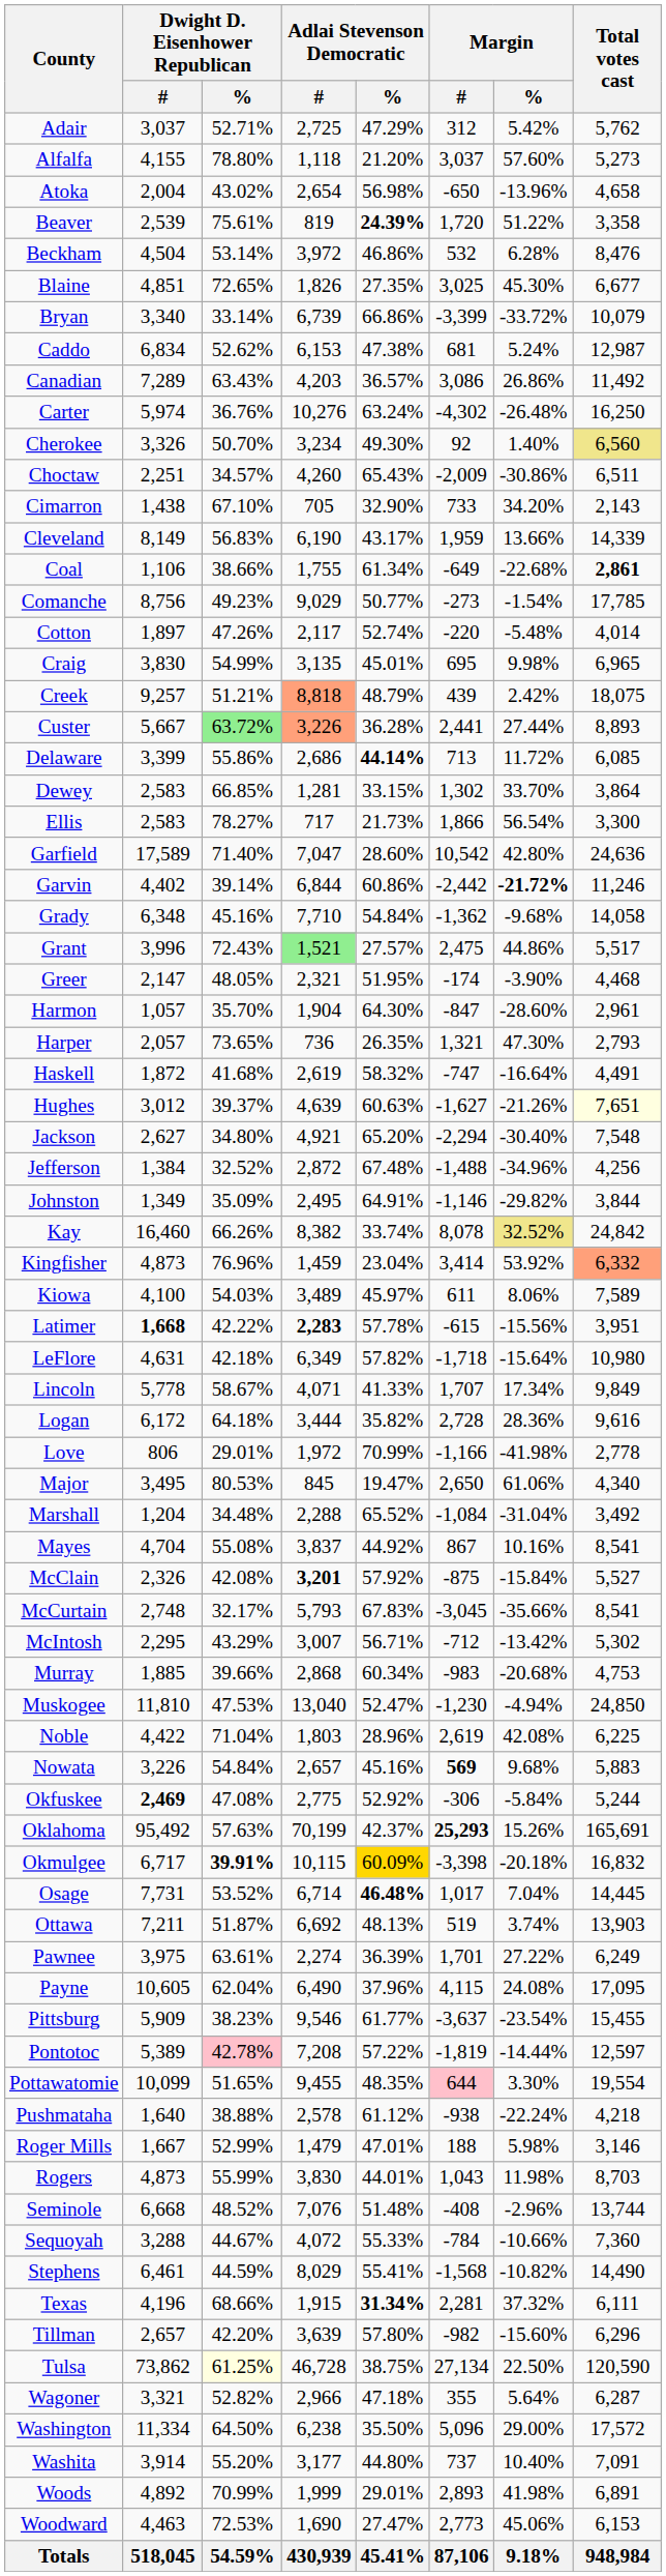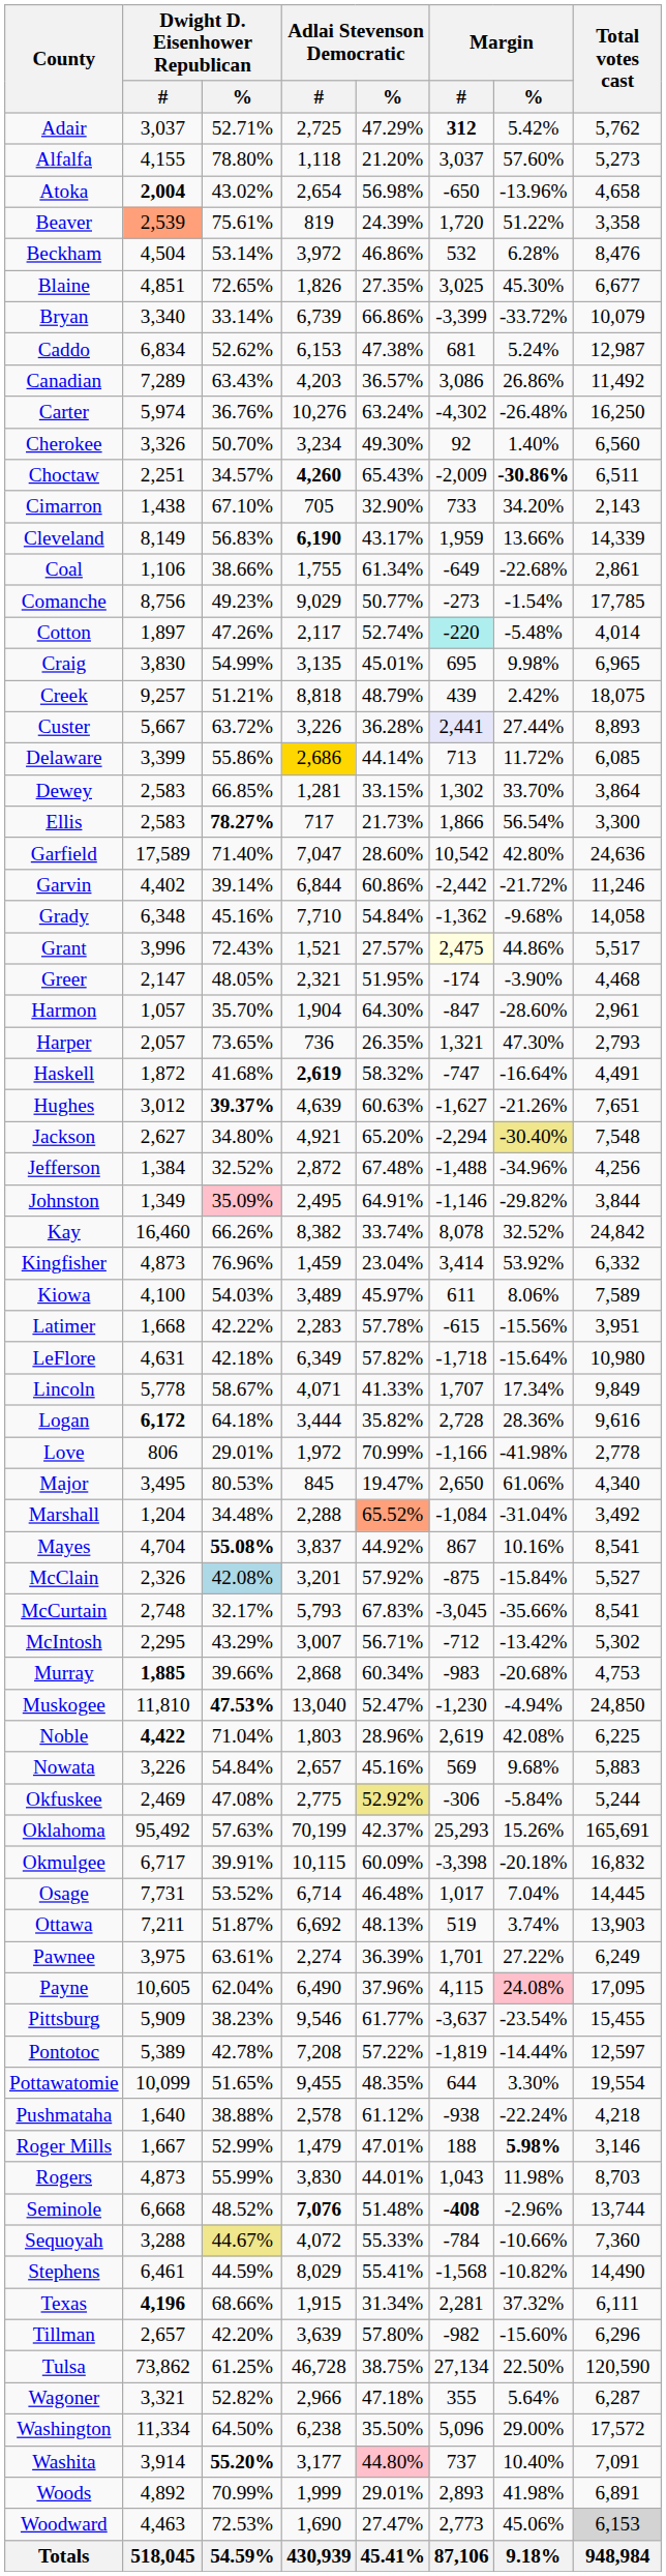 <table width="60%" class="wikitable sortable" style="text-align:center">
 <tr>
 <th style="text-align:center;" rowspan="2">County</th>
 <th style="text-align:center;" colspan="2">Dwight D. Eisenhower<br>Republican</th>
 <th style="text-align:center;" colspan="2">Adlai Stevenson<br>Democratic</th>
 <th style="text-align:center;" colspan="2">Margin</th>
 <th style="text-align:center;" rowspan="2">Total votes cast</th>
 </tr>
 <tr>
 <th style="text-align:center;" data-sort-type="number">#</th>
 <th style="text-align:center;" data-sort-type="number">%</th>
 <th style="text-align:center;" data-sort-type="number">#</th>
 <th style="text-align:center;" data-sort-type="number">%</th>
 <th style="text-align:center;" data-sort-type="number">#</th>
 <th style="text-align:center;" data-sort-type="number">%</th>
 </tr>
 <tr style="text-align:center;">
 <td><a href='#'>Adair</a></td>
 <td>3,037</td>
 <td>52.71%</td>
 <td>2,725</td>
 <td>47.29%</td>
-<td>312</td>
+<td><strong>312</strong></td>
 <td>5.42%</td>
 <td>5,762</td>
 </tr>
 <tr style="text-align:center;">
 <td><a href='#'>Alfalfa</a></td>
 <td>4,155</td>
 <td>78.80%</td>
 <td>1,118</td>
 <td>21.20%</td>
 <td>3,037</td>
 <td>57.60%</td>
 <td>5,273</td>
 </tr>
 <tr style="text-align:center;">
 <td><a href='#'>Atoka</a></td>
-<td>2,004</td>
+<td><strong>2,004</strong></td>
 <td>43.02%</td>
 <td>2,654</td>
 <td>56.98%</td>
 <td>-650</td>
 <td>-13.96%</td>
 <td>4,658</td>
 </tr>
 <tr style="text-align:center;">
 <td><a href='#'>Beaver</a></td>
-<td>2,539</td>
+<td style="background: lightsalmon;">2,539</td>
 <td>75.61%</td>
 <td>819</td>
-<td><strong>24.39%</strong></td>
+<td>24.39%</td>
 <td>1,720</td>
 <td>51.22%</td>
 <td>3,358</td>
 </tr>
 <tr style="text-align:center;">
 <td><a href='#'>Beckham</a></td>
 <td>4,504</td>
 <td>53.14%</td>
 <td>3,972</td>
 <td>46.86%</td>
 <td>532</td>
 <td>6.28%</td>
 <td>8,476</td>
 </tr>
 <tr style="text-align:center;">
 <td><a href='#'>Blaine</a></td>
 <td>4,851</td>
 <td>72.65%</td>
 <td>1,826</td>
 <td>27.35%</td>
 <td>3,025</td>
 <td>45.30%</td>
 <td>6,677</td>
 </tr>
 <tr style="text-align:center;">
 <td><a href='#'>Bryan</a></td>
 <td>3,340</td>
 <td>33.14%</td>
 <td>6,739</td>
 <td>66.86%</td>
 <td>-3,399</td>
 <td>-33.72%</td>
 <td>10,079</td>
 </tr>
 <tr style="text-align:center;">
 <td><a href='#'>Caddo</a></td>
 <td>6,834</td>
 <td>52.62%</td>
 <td>6,153</td>
 <td>47.38%</td>
 <td>681</td>
 <td>5.24%</td>
 <td>12,987</td>
 </tr>
 <tr style="text-align:center;">
 <td><a href='#'>Canadian</a></td>
 <td>7,289</td>
 <td>63.43%</td>
 <td>4,203</td>
 <td>36.57%</td>
 <td>3,086</td>
 <td>26.86%</td>
 <td>11,492</td>
 </tr>
 <tr style="text-align:center;">
 <td><a href='#'>Carter</a></td>
 <td>5,974</td>
 <td>36.76%</td>
 <td>10,276</td>
 <td>63.24%</td>
 <td>-4,302</td>
 <td>-26.48%</td>
 <td>16,250</td>
 </tr>
 <tr style="text-align:center;">
 <td><a href='#'>Cherokee</a></td>
 <td>3,326</td>
 <td>50.70%</td>
 <td>3,234</td>
 <td>49.30%</td>
 <td>92</td>
 <td>1.40%</td>
-<td style="background: khaki;">6,560</td>
+<td>6,560</td>
 </tr>
 <tr style="text-align:center;">
 <td><a href='#'>Choctaw</a></td>
 <td>2,251</td>
 <td>34.57%</td>
-<td>4,260</td>
+<td><strong>4,260</strong></td>
 <td>65.43%</td>
 <td>-2,009</td>
-<td>-30.86%</td>
+<td><strong>-30.86%</strong></td>
 <td>6,511</td>
 </tr>
 <tr style="text-align:center;">
 <td><a href='#'>Cimarron</a></td>
 <td>1,438</td>
 <td>67.10%</td>
 <td>705</td>
 <td>32.90%</td>
 <td>733</td>
 <td>34.20%</td>
 <td>2,143</td>
 </tr>
 <tr style="text-align:center;">
 <td><a href='#'>Cleveland</a></td>
 <td>8,149</td>
 <td>56.83%</td>
-<td>6,190</td>
+<td><strong>6,190</strong></td>
 <td>43.17%</td>
 <td>1,959</td>
 <td>13.66%</td>
 <td>14,339</td>
 </tr>
 <tr style="text-align:center;">
 <td><a href='#'>Coal</a></td>
 <td>1,106</td>
 <td>38.66%</td>
 <td>1,755</td>
 <td>61.34%</td>
 <td>-649</td>
 <td>-22.68%</td>
-<td><strong>2,861</strong></td>
+<td>2,861</td>
 </tr>
 <tr style="text-align:center;">
 <td><a href='#'>Comanche</a></td>
 <td>8,756</td>
 <td>49.23%</td>
 <td>9,029</td>
 <td>50.77%</td>
 <td>-273</td>
 <td>-1.54%</td>
 <td>17,785</td>
 </tr>
 <tr style="text-align:center;">
 <td><a href='#'>Cotton</a></td>
 <td>1,897</td>
 <td>47.26%</td>
 <td>2,117</td>
 <td>52.74%</td>
-<td>-220</td>
+<td style="background: paleturquoise;">-220</td>
 <td>-5.48%</td>
 <td>4,014</td>
 </tr>
 <tr style="text-align:center;">
 <td><a href='#'>Craig</a></td>
 <td>3,830</td>
 <td>54.99%</td>
 <td>3,135</td>
 <td>45.01%</td>
 <td>695</td>
 <td>9.98%</td>
 <td>6,965</td>
 </tr>
 <tr style="text-align:center;">
 <td><a href='#'>Creek</a></td>
 <td>9,257</td>
 <td>51.21%</td>
-<td style="background: lightsalmon;">8,818</td>
+<td>8,818</td>
 <td>48.79%</td>
 <td>439</td>
 <td>2.42%</td>
 <td>18,075</td>
 </tr>
 <tr style="text-align:center;">
 <td><a href='#'>Custer</a></td>
 <td>5,667</td>
-<td style="background: lightgreen;">63.72%</td>
-<td style="background: lightsalmon;">3,226</td>
+<td>63.72%</td>
+<td>3,226</td>
 <td>36.28%</td>
-<td>2,441</td>
+<td style="background: lavender;">2,441</td>
 <td>27.44%</td>
 <td>8,893</td>
 </tr>
 <tr style="text-align:center;">
 <td><a href='#'>Delaware</a></td>
 <td>3,399</td>
 <td>55.86%</td>
-<td>2,686</td>
-<td><strong>44.14%</strong></td>
+<td style="background: gold;">2,686</td>
+<td>44.14%</td>
 <td>713</td>
 <td>11.72%</td>
 <td>6,085</td>
 </tr>
 <tr style="text-align:center;">
 <td><a href='#'>Dewey</a></td>
 <td>2,583</td>
 <td>66.85%</td>
 <td>1,281</td>
 <td>33.15%</td>
 <td>1,302</td>
 <td>33.70%</td>
 <td>3,864</td>
 </tr>
 <tr style="text-align:center;">
 <td><a href='#'>Ellis</a></td>
 <td>2,583</td>
-<td>78.27%</td>
+<td><strong>78.27%</strong></td>
 <td>717</td>
 <td>21.73%</td>
 <td>1,866</td>
 <td>56.54%</td>
 <td>3,300</td>
 </tr>
 <tr style="text-align:center;">
 <td><a href='#'>Garfield</a></td>
 <td>17,589</td>
 <td>71.40%</td>
 <td>7,047</td>
 <td>28.60%</td>
 <td>10,542</td>
 <td>42.80%</td>
 <td>24,636</td>
 </tr>
 <tr style="text-align:center;">
 <td><a href='#'>Garvin</a></td>
 <td>4,402</td>
 <td>39.14%</td>
 <td>6,844</td>
 <td>60.86%</td>
 <td>-2,442</td>
-<td><strong>-21.72%</strong></td>
+<td>-21.72%</td>
 <td>11,246</td>
 </tr>
 <tr style="text-align:center;">
 <td><a href='#'>Grady</a></td>
 <td>6,348</td>
 <td>45.16%</td>
 <td>7,710</td>
 <td>54.84%</td>
 <td>-1,362</td>
 <td>-9.68%</td>
 <td>14,058</td>
 </tr>
 <tr style="text-align:center;">
 <td><a href='#'>Grant</a></td>
 <td>3,996</td>
 <td>72.43%</td>
-<td style="background: lightgreen;">1,521</td>
+<td>1,521</td>
 <td>27.57%</td>
-<td>2,475</td>
+<td style="background: lightyellow;">2,475</td>
 <td>44.86%</td>
 <td>5,517</td>
 </tr>
 <tr style="text-align:center;">
 <td><a href='#'>Greer</a></td>
 <td>2,147</td>
 <td>48.05%</td>
 <td>2,321</td>
 <td>51.95%</td>
 <td>-174</td>
 <td>-3.90%</td>
 <td>4,468</td>
 </tr>
 <tr style="text-align:center;">
 <td><a href='#'>Harmon</a></td>
 <td>1,057</td>
 <td>35.70%</td>
 <td>1,904</td>
 <td>64.30%</td>
 <td>-847</td>
 <td>-28.60%</td>
 <td>2,961</td>
 </tr>
 <tr style="text-align:center;">
 <td><a href='#'>Harper</a></td>
 <td>2,057</td>
 <td>73.65%</td>
 <td>736</td>
 <td>26.35%</td>
 <td>1,321</td>
 <td>47.30%</td>
 <td>2,793</td>
 </tr>
 <tr style="text-align:center;">
 <td><a href='#'>Haskell</a></td>
 <td>1,872</td>
 <td>41.68%</td>
-<td>2,619</td>
+<td><strong>2,619</strong></td>
 <td>58.32%</td>
 <td>-747</td>
 <td>-16.64%</td>
 <td>4,491</td>
 </tr>
 <tr style="text-align:center;">
 <td><a href='#'>Hughes</a></td>
 <td>3,012</td>
-<td>39.37%</td>
+<td><strong>39.37%</strong></td>
 <td>4,639</td>
 <td>60.63%</td>
 <td>-1,627</td>
 <td>-21.26%</td>
-<td style="background: lightyellow;">7,651</td>
+<td>7,651</td>
 </tr>
 <tr style="text-align:center;">
 <td><a href='#'>Jackson</a></td>
 <td>2,627</td>
 <td>34.80%</td>
 <td>4,921</td>
 <td>65.20%</td>
 <td>-2,294</td>
-<td>-30.40%</td>
+<td style="background: khaki;">-30.40%</td>
 <td>7,548</td>
 </tr>
 <tr style="text-align:center;">
 <td><a href='#'>Jefferson</a></td>
 <td>1,384</td>
 <td>32.52%</td>
 <td>2,872</td>
 <td>67.48%</td>
 <td>-1,488</td>
 <td>-34.96%</td>
 <td>4,256</td>
 </tr>
 <tr style="text-align:center;">
 <td><a href='#'>Johnston</a></td>
 <td>1,349</td>
-<td>35.09%</td>
+<td style="background: pink;">35.09%</td>
 <td>2,495</td>
 <td>64.91%</td>
 <td>-1,146</td>
 <td>-29.82%</td>
 <td>3,844</td>
 </tr>
 <tr style="text-align:center;">
 <td><a href='#'>Kay</a></td>
 <td>16,460</td>
 <td>66.26%</td>
 <td>8,382</td>
 <td>33.74%</td>
 <td>8,078</td>
-<td style="background: khaki;">32.52%</td>
+<td>32.52%</td>
 <td>24,842</td>
 </tr>
 <tr style="text-align:center;">
 <td><a href='#'>Kingfisher</a></td>
 <td>4,873</td>
 <td>76.96%</td>
 <td>1,459</td>
 <td>23.04%</td>
 <td>3,414</td>
 <td>53.92%</td>
-<td style="background: lightsalmon;">6,332</td>
+<td>6,332</td>
 </tr>
 <tr style="text-align:center;">
 <td><a href='#'>Kiowa</a></td>
 <td>4,100</td>
 <td>54.03%</td>
 <td>3,489</td>
 <td>45.97%</td>
 <td>611</td>
 <td>8.06%</td>
 <td>7,589</td>
 </tr>
 <tr style="text-align:center;">
 <td><a href='#'>Latimer</a></td>
-<td><strong>1,668</strong></td>
+<td>1,668</td>
 <td>42.22%</td>
-<td><strong>2,283</strong></td>
+<td>2,283</td>
 <td>57.78%</td>
 <td>-615</td>
 <td>-15.56%</td>
 <td>3,951</td>
 </tr>
 <tr style="text-align:center;">
 <td><a href='#'>LeFlore</a></td>
 <td>4,631</td>
 <td>42.18%</td>
 <td>6,349</td>
 <td>57.82%</td>
 <td>-1,718</td>
 <td>-15.64%</td>
 <td>10,980</td>
 </tr>
 <tr style="text-align:center;">
 <td><a href='#'>Lincoln</a></td>
 <td>5,778</td>
 <td>58.67%</td>
 <td>4,071</td>
 <td>41.33%</td>
 <td>1,707</td>
 <td>17.34%</td>
 <td>9,849</td>
 </tr>
 <tr style="text-align:center;">
 <td><a href='#'>Logan</a></td>
-<td>6,172</td>
+<td><strong>6,172</strong></td>
 <td>64.18%</td>
 <td>3,444</td>
 <td>35.82%</td>
 <td>2,728</td>
 <td>28.36%</td>
 <td>9,616</td>
 </tr>
 <tr style="text-align:center;">
 <td><a href='#'>Love</a></td>
 <td>806</td>
 <td>29.01%</td>
 <td>1,972</td>
 <td>70.99%</td>
 <td>-1,166</td>
 <td>-41.98%</td>
 <td>2,778</td>
 </tr>
 <tr style="text-align:center;">
 <td><a href='#'>Major</a></td>
 <td>3,495</td>
 <td>80.53%</td>
 <td>845</td>
 <td>19.47%</td>
 <td>2,650</td>
 <td>61.06%</td>
 <td>4,340</td>
 </tr>
 <tr style="text-align:center;">
 <td><a href='#'>Marshall</a></td>
 <td>1,204</td>
 <td>34.48%</td>
 <td>2,288</td>
-<td>65.52%</td>
+<td style="background: lightsalmon;">65.52%</td>
 <td>-1,084</td>
 <td>-31.04%</td>
 <td>3,492</td>
 </tr>
 <tr style="text-align:center;">
 <td><a href='#'>Mayes</a></td>
 <td>4,704</td>
-<td>55.08%</td>
+<td><strong>55.08%</strong></td>
 <td>3,837</td>
 <td>44.92%</td>
 <td>867</td>
 <td>10.16%</td>
 <td>8,541</td>
 </tr>
 <tr style="text-align:center;">
 <td><a href='#'>McClain</a></td>
 <td>2,326</td>
-<td>42.08%</td>
-<td><strong>3,201</strong></td>
+<td style="background: lightblue;">42.08%</td>
+<td>3,201</td>
 <td>57.92%</td>
 <td>-875</td>
 <td>-15.84%</td>
 <td>5,527</td>
 </tr>
 <tr style="text-align:center;">
 <td><a href='#'>McCurtain</a></td>
 <td>2,748</td>
 <td>32.17%</td>
 <td>5,793</td>
 <td>67.83%</td>
 <td>-3,045</td>
 <td>-35.66%</td>
 <td>8,541</td>
 </tr>
 <tr style="text-align:center;">
 <td><a href='#'>McIntosh</a></td>
 <td>2,295</td>
 <td>43.29%</td>
 <td>3,007</td>
 <td>56.71%</td>
 <td>-712</td>
 <td>-13.42%</td>
 <td>5,302</td>
 </tr>
 <tr style="text-align:center;">
 <td><a href='#'>Murray</a></td>
-<td>1,885</td>
+<td><strong>1,885</strong></td>
 <td>39.66%</td>
 <td>2,868</td>
 <td>60.34%</td>
 <td>-983</td>
 <td>-20.68%</td>
 <td>4,753</td>
 </tr>
 <tr style="text-align:center;">
 <td><a href='#'>Muskogee</a></td>
 <td>11,810</td>
-<td>47.53%</td>
+<td><strong>47.53%</strong></td>
 <td>13,040</td>
 <td>52.47%</td>
 <td>-1,230</td>
 <td>-4.94%</td>
 <td>24,850</td>
 </tr>
 <tr style="text-align:center;">
 <td><a href='#'>Noble</a></td>
-<td>4,422</td>
+<td><strong>4,422</strong></td>
 <td>71.04%</td>
 <td>1,803</td>
 <td>28.96%</td>
 <td>2,619</td>
 <td>42.08%</td>
 <td>6,225</td>
 </tr>
 <tr style="text-align:center;">
 <td><a href='#'>Nowata</a></td>
 <td>3,226</td>
 <td>54.84%</td>
 <td>2,657</td>
 <td>45.16%</td>
-<td><strong>569</strong></td>
+<td>569</td>
 <td>9.68%</td>
 <td>5,883</td>
 </tr>
 <tr style="text-align:center;">
 <td><a href='#'>Okfuskee</a></td>
-<td><strong>2,469</strong></td>
+<td>2,469</td>
 <td>47.08%</td>
 <td>2,775</td>
-<td>52.92%</td>
+<td style="background: khaki;">52.92%</td>
 <td>-306</td>
 <td>-5.84%</td>
 <td>5,244</td>
 </tr>
 <tr style="text-align:center;">
 <td><a href='#'>Oklahoma</a></td>
 <td>95,492</td>
 <td>57.63%</td>
 <td>70,199</td>
 <td>42.37%</td>
-<td><strong>25,293</strong></td>
+<td>25,293</td>
 <td>15.26%</td>
 <td>165,691</td>
 </tr>
 <tr style="text-align:center;">
 <td><a href='#'>Okmulgee</a></td>
 <td>6,717</td>
-<td><strong>39.91%</strong></td>
+<td>39.91%</td>
 <td>10,115</td>
-<td style="background: gold;">60.09%</td>
+<td>60.09%</td>
 <td>-3,398</td>
 <td>-20.18%</td>
 <td>16,832</td>
 </tr>
 <tr style="text-align:center;">
 <td><a href='#'>Osage</a></td>
 <td>7,731</td>
 <td>53.52%</td>
 <td>6,714</td>
-<td><strong>46.48%</strong></td>
+<td>46.48%</td>
 <td>1,017</td>
 <td>7.04%</td>
 <td>14,445</td>
 </tr>
 <tr style="text-align:center;">
 <td><a href='#'>Ottawa</a></td>
 <td>7,211</td>
 <td>51.87%</td>
 <td>6,692</td>
 <td>48.13%</td>
 <td>519</td>
 <td>3.74%</td>
 <td>13,903</td>
 </tr>
 <tr style="text-align:center;">
 <td><a href='#'>Pawnee</a></td>
 <td>3,975</td>
 <td>63.61%</td>
 <td>2,274</td>
 <td>36.39%</td>
 <td>1,701</td>
 <td>27.22%</td>
 <td>6,249</td>
 </tr>
 <tr style="text-align:center;">
 <td><a href='#'>Payne</a></td>
 <td>10,605</td>
 <td>62.04%</td>
 <td>6,490</td>
 <td>37.96%</td>
 <td>4,115</td>
-<td>24.08%</td>
+<td style="background: pink;">24.08%</td>
 <td>17,095</td>
 </tr>
 <tr style="text-align:center;">
 <td><a href='#'>Pittsburg</a></td>
 <td>5,909</td>
 <td>38.23%</td>
 <td>9,546</td>
 <td>61.77%</td>
 <td>-3,637</td>
 <td>-23.54%</td>
 <td>15,455</td>
 </tr>
 <tr style="text-align:center;">
 <td><a href='#'>Pontotoc</a></td>
 <td>5,389</td>
-<td style="background: pink;">42.78%</td>
+<td>42.78%</td>
 <td>7,208</td>
 <td>57.22%</td>
 <td>-1,819</td>
 <td>-14.44%</td>
 <td>12,597</td>
 </tr>
 <tr style="text-align:center;">
 <td><a href='#'>Pottawatomie</a></td>
 <td>10,099</td>
 <td>51.65%</td>
 <td>9,455</td>
 <td>48.35%</td>
-<td style="background: pink;">644</td>
+<td>644</td>
 <td>3.30%</td>
 <td>19,554</td>
 </tr>
 <tr style="text-align:center;">
 <td><a href='#'>Pushmataha</a></td>
 <td>1,640</td>
 <td>38.88%</td>
 <td>2,578</td>
 <td>61.12%</td>
 <td>-938</td>
 <td>-22.24%</td>
 <td>4,218</td>
 </tr>
 <tr style="text-align:center;">
 <td><a href='#'>Roger Mills</a></td>
 <td>1,667</td>
 <td>52.99%</td>
 <td>1,479</td>
 <td>47.01%</td>
 <td>188</td>
-<td>5.98%</td>
+<td><strong>5.98%</strong></td>
 <td>3,146</td>
 </tr>
 <tr style="text-align:center;">
 <td><a href='#'>Rogers</a></td>
 <td>4,873</td>
 <td>55.99%</td>
 <td>3,830</td>
 <td>44.01%</td>
 <td>1,043</td>
 <td>11.98%</td>
 <td>8,703</td>
 </tr>
 <tr style="text-align:center;">
 <td><a href='#'>Seminole</a></td>
 <td>6,668</td>
 <td>48.52%</td>
-<td>7,076</td>
+<td><strong>7,076</strong></td>
 <td>51.48%</td>
-<td>-408</td>
+<td><strong>-408</strong></td>
 <td>-2.96%</td>
 <td>13,744</td>
 </tr>
 <tr style="text-align:center;">
 <td><a href='#'>Sequoyah</a></td>
 <td>3,288</td>
-<td>44.67%</td>
+<td style="background: khaki;">44.67%</td>
 <td>4,072</td>
 <td>55.33%</td>
 <td>-784</td>
 <td>-10.66%</td>
 <td>7,360</td>
 </tr>
 <tr style="text-align:center;">
 <td><a href='#'>Stephens</a></td>
 <td>6,461</td>
 <td>44.59%</td>
 <td>8,029</td>
 <td>55.41%</td>
 <td>-1,568</td>
 <td>-10.82%</td>
 <td>14,490</td>
 </tr>
 <tr style="text-align:center;">
 <td><a href='#'>Texas</a></td>
-<td>4,196</td>
+<td><strong>4,196</strong></td>
 <td>68.66%</td>
 <td>1,915</td>
-<td><strong>31.34%</strong></td>
+<td>31.34%</td>
 <td>2,281</td>
 <td>37.32%</td>
 <td>6,111</td>
 </tr>
 <tr style="text-align:center;">
 <td><a href='#'>Tillman</a></td>
 <td>2,657</td>
 <td>42.20%</td>
 <td>3,639</td>
 <td>57.80%</td>
 <td>-982</td>
 <td>-15.60%</td>
 <td>6,296</td>
 </tr>
 <tr style="text-align:center;">
 <td><a href='#'>Tulsa</a></td>
 <td>73,862</td>
-<td style="background: lightyellow;">61.25%</td>
+<td>61.25%</td>
 <td>46,728</td>
 <td>38.75%</td>
 <td>27,134</td>
 <td>22.50%</td>
 <td>120,590</td>
 </tr>
 <tr style="text-align:center;">
 <td><a href='#'>Wagoner</a></td>
 <td>3,321</td>
 <td>52.82%</td>
 <td>2,966</td>
 <td>47.18%</td>
 <td>355</td>
 <td>5.64%</td>
 <td>6,287</td>
 </tr>
 <tr style="text-align:center;">
 <td><a href='#'>Washington</a></td>
 <td>11,334</td>
 <td>64.50%</td>
 <td>6,238</td>
 <td>35.50%</td>
 <td>5,096</td>
 <td>29.00%</td>
 <td>17,572</td>
 </tr>
 <tr style="text-align:center;">
 <td><a href='#'>Washita</a></td>
 <td>3,914</td>
-<td>55.20%</td>
+<td><strong>55.20%</strong></td>
 <td>3,177</td>
-<td>44.80%</td>
+<td style="background: pink;">44.80%</td>
 <td>737</td>
 <td>10.40%</td>
 <td>7,091</td>
 </tr>
 <tr style="text-align:center;">
 <td><a href='#'>Woods</a></td>
 <td>4,892</td>
 <td>70.99%</td>
 <td>1,999</td>
 <td>29.01%</td>
 <td>2,893</td>
 <td>41.98%</td>
 <td>6,891</td>
 </tr>
 <tr style="text-align:center;">
 <td><a href='#'>Woodward</a></td>
 <td>4,463</td>
 <td>72.53%</td>
 <td>1,690</td>
 <td>27.47%</td>
 <td>2,773</td>
 <td>45.06%</td>
-<td>6,153</td>
+<td style="background: lightgrey;">6,153</td>
 </tr>
 <tr style="text-align:center;">
 <th>Totals</th>
 <th>518,045</th>
 <th>54.59%</th>
 <th>430,939</th>
 <th>45.41%</th>
 <th>87,106</th>
 <th>9.18%</th>
 <th>948,984</th>
 </tr>
 </table>
